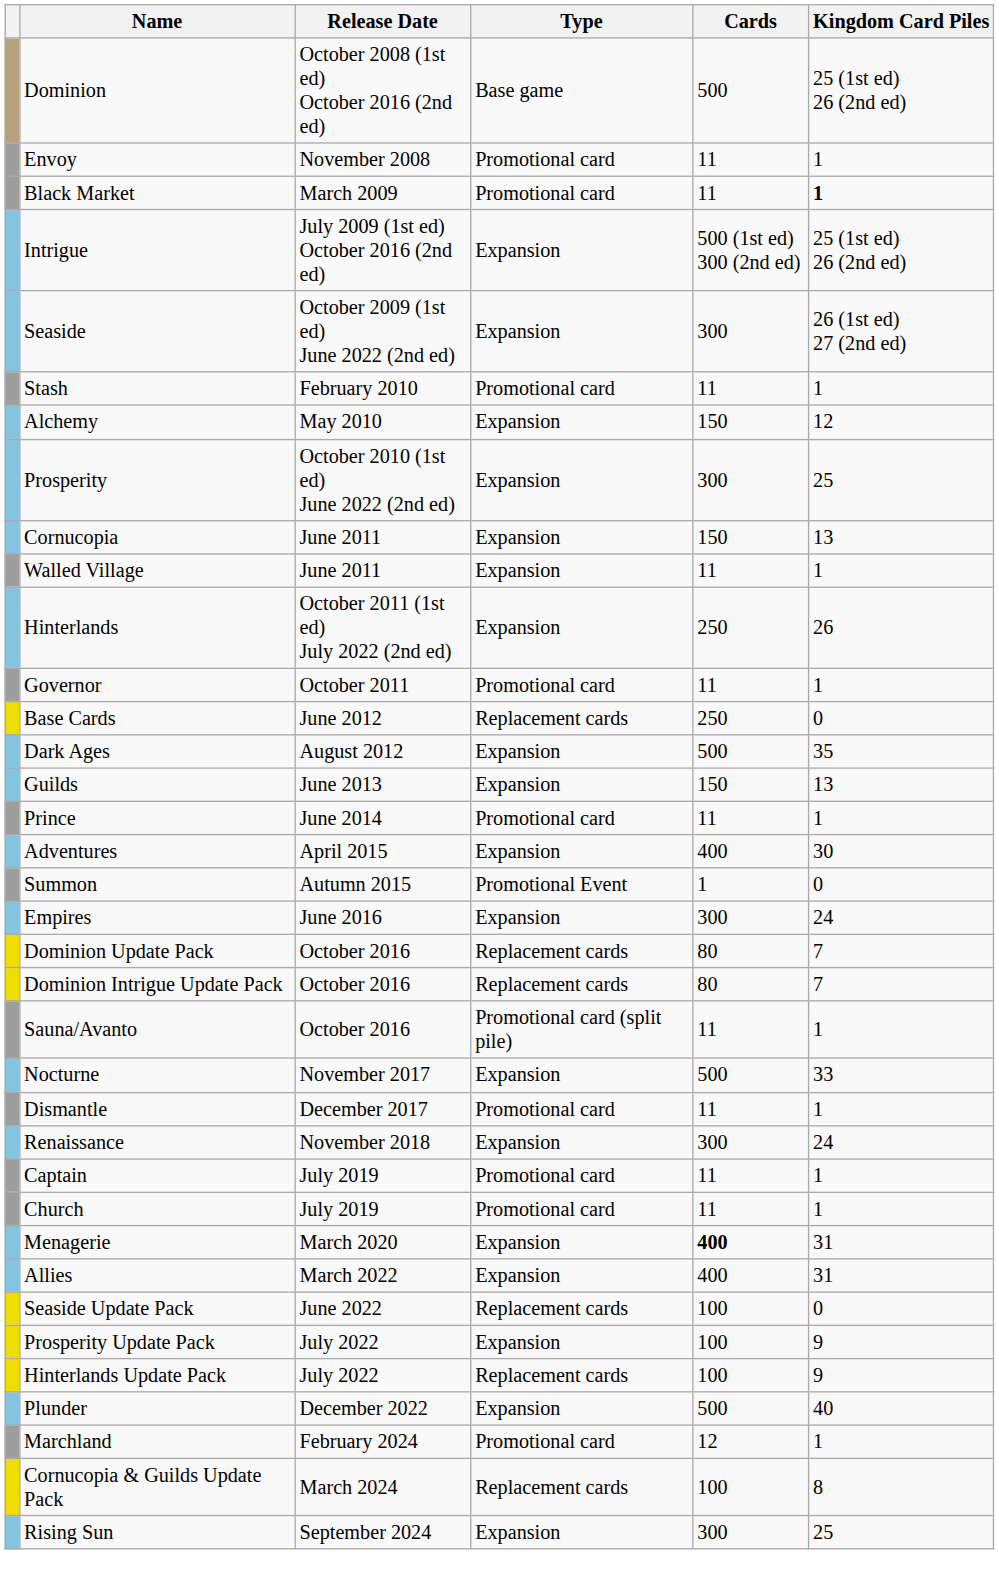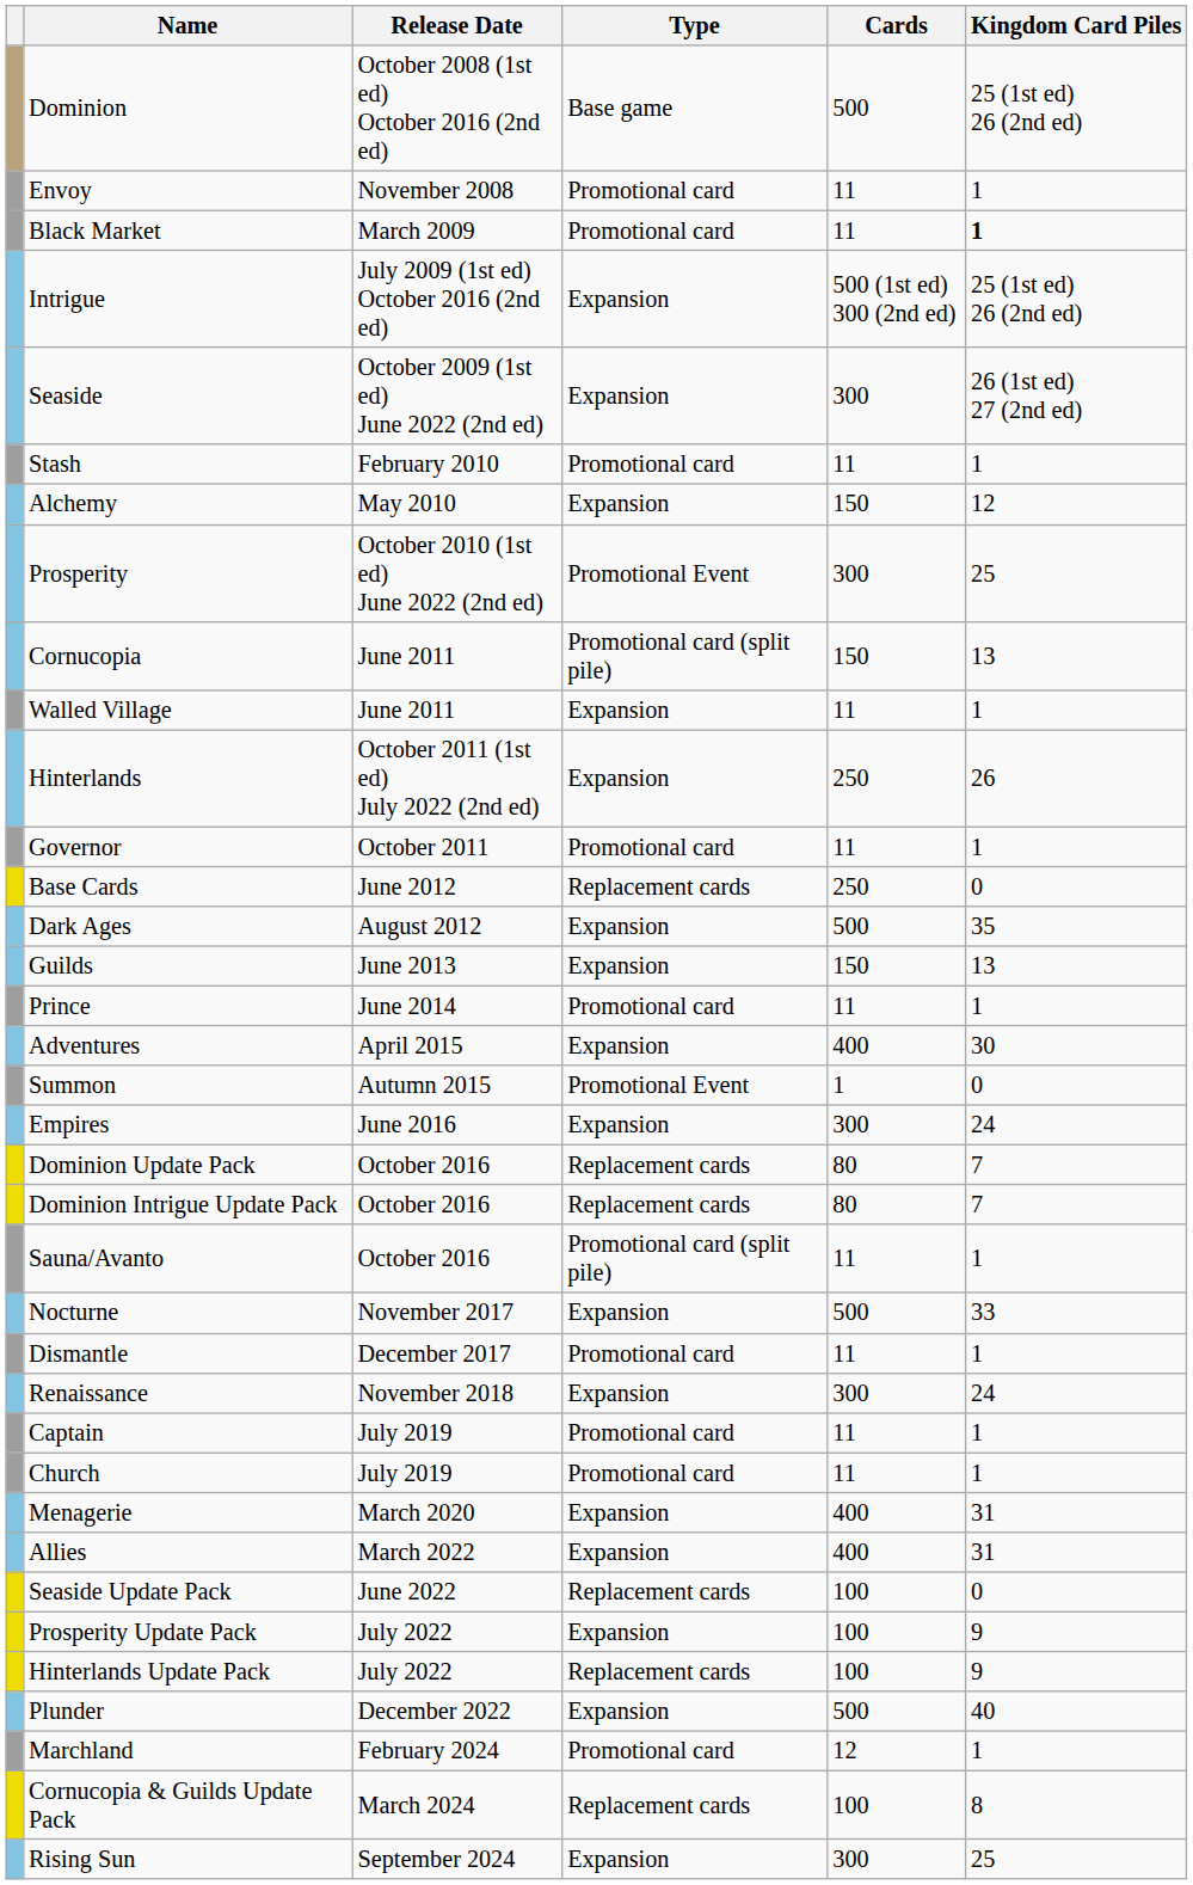 <table class="wikitable sortable" style="margin:0.5em auto; font-size:95%;">
 <tr>
 <th width="4px" class="unsortable"></th>
 <th width="200px">Name</th>
 <th width="125px">Re­lease Date</th>
 <th width="160px">Type</th>
 <th width="80px">Cards</th>
 <th>King­dom Card Piles</th>
 </tr>
 <tr>
 <td bgcolor=#B8A27D></td>
 <td>Dominion</td>
 <td>October 2008 (1st ed)<br>October 2016 (2nd ed)</td>
 <td>Base game</td>
 <td>500</td>
 <td>25 (1st ed)<br>26 (2nd ed)</td>
 </tr>
 <tr>
 <td bgcolor=#9E9E9E></td>
 <td>Envoy</td>
 <td>November 2008</td>
 <td>Promotional card</td>
 <td>11</td>
 <td>1</td>
 </tr>
 <tr>
 <td bgcolor=#9E9E9E></td>
 <td>Black Market</td>
 <td>March 2009</td>
 <td>Promotional card</td>
 <td>11</td>
 <td><strong>1</strong></td>
 </tr>
 <tr>
 <td bgcolor=#84C4E0></td>
 <td>Intrigue</td>
 <td>July 2009 (1st ed)<br>October 2016 (2nd ed)</td>
 <td>Expansion</td>
 <td>500 (1st ed)<br>300 (2nd ed)</td>
 <td>25 (1st ed)<br>26 (2nd ed)</td>
 </tr>
 <tr>
 <td bgcolor=#84C4E0></td>
 <td>Seaside</td>
 <td>October 2009 (1st ed)<br>June 2022 (2nd ed)</td>
 <td>Expansion</td>
 <td>300</td>
 <td>26 (1st ed)<br>27 (2nd ed)</td>
 </tr>
 <tr>
 <td bgcolor=#9E9E9E></td>
 <td>Stash</td>
 <td>February 2010</td>
 <td>Promotional card</td>
 <td>11</td>
 <td>1</td>
 </tr>
 <tr>
 <td bgcolor=#84C4E0></td>
 <td>Alchemy</td>
 <td>May 2010</td>
 <td>Expansion</td>
 <td>150</td>
 <td>12</td>
 </tr>
 <tr>
 <td bgcolor=#84C4E0></td>
 <td>Prosperity</td>
 <td>October 2010 (1st ed)<br>June 2022 (2nd ed)</td>
-<td>Expansion</td>
+<td>Promotional Event</td>
 <td>300</td>
 <td>25</td>
 </tr>
 <tr>
 <td bgcolor=#84C4E0></td>
 <td>Cornucopia</td>
 <td>June 2011</td>
-<td>Expansion</td>
+<td>Promotional card (split pile)</td>
 <td>150</td>
 <td>13</td>
 </tr>
 <tr>
 <td bgcolor=#9E9E9E></td>
 <td>Walled Village</td>
 <td>June 2011</td>
 <td>Expansion</td>
 <td>11</td>
 <td>1</td>
 </tr>
 <tr>
 <td bgcolor=#84C4E0></td>
 <td>Hinterlands</td>
 <td>October 2011 (1st ed)<br>July 2022 (2nd ed)</td>
 <td>Expansion</td>
 <td>250</td>
 <td>26</td>
 </tr>
 <tr>
 <td bgcolor=#9E9E9E></td>
 <td>Governor</td>
 <td>October 2011</td>
 <td>Promotional card</td>
 <td>11</td>
 <td>1</td>
 </tr>
 <tr>
 <td bgcolor=#EEDD00></td>
 <td>Base Cards</td>
 <td>June 2012</td>
 <td>Replacement cards</td>
 <td>250</td>
 <td>0</td>
 </tr>
 <tr>
 <td bgcolor=#84C4E0></td>
 <td>Dark Ages</td>
 <td>August 2012</td>
 <td>Expansion</td>
 <td>500</td>
 <td>35</td>
 </tr>
 <tr>
 <td bgcolor=#84C4E0></td>
 <td>Guilds</td>
 <td>June 2013</td>
 <td>Expansion</td>
 <td>150</td>
 <td>13</td>
 </tr>
 <tr>
 <td bgcolor=#9E9E9E></td>
 <td>Prince</td>
 <td>June 2014</td>
 <td>Promotional card</td>
 <td>11</td>
 <td>1</td>
 </tr>
 <tr>
 <td bgcolor=#84C4E0></td>
 <td>Adventures</td>
 <td>April 2015</td>
 <td>Expansion</td>
 <td>400</td>
 <td>30</td>
 </tr>
 <tr>
 <td bgcolor=#9E9E9E></td>
 <td>Summon</td>
 <td>Autumn 2015</td>
 <td>Promotional Event</td>
 <td>1</td>
 <td>0</td>
 </tr>
 <tr>
 <td bgcolor=#84C4E0></td>
 <td>Empires</td>
 <td>June 2016</td>
 <td>Expansion</td>
 <td>300</td>
 <td>24</td>
 </tr>
 <tr>
 <td bgcolor=#EEDD00></td>
 <td>Dominion Update Pack</td>
 <td>October 2016</td>
 <td>Replacement cards</td>
 <td>80</td>
 <td>7</td>
 </tr>
 <tr>
 <td bgcolor=#EEDD00></td>
 <td>Dominion Intrigue Update Pack</td>
 <td>October 2016</td>
 <td>Replacement cards</td>
 <td>80</td>
 <td>7</td>
 </tr>
 <tr>
 <td bgcolor=#9E9E9E></td>
 <td>Sauna/Avanto</td>
 <td>October 2016</td>
 <td>Promotional card (split pile)</td>
 <td>11</td>
 <td>1</td>
 </tr>
 <tr>
 <td bgcolor=#84C4E0></td>
 <td>Nocturne</td>
 <td>November 2017</td>
 <td>Expansion</td>
 <td>500</td>
 <td>33</td>
 </tr>
 <tr>
 <td bgcolor=#9E9E9E></td>
 <td>Dismantle</td>
 <td>December 2017</td>
 <td>Promotional card</td>
 <td>11</td>
 <td>1</td>
 </tr>
 <tr>
 <td bgcolor=#84C4E0></td>
 <td>Renaissance</td>
 <td>November 2018</td>
 <td>Expansion</td>
 <td>300</td>
 <td>24</td>
 </tr>
 <tr>
 <td bgcolor=#9E9E9E></td>
 <td>Captain</td>
 <td>July 2019</td>
 <td>Promotional card</td>
 <td>11</td>
 <td>1</td>
 </tr>
 <tr>
 <td bgcolor=#9E9E9E></td>
 <td>Church</td>
 <td>July 2019</td>
 <td>Promotional card</td>
 <td>11</td>
 <td>1</td>
 </tr>
 <tr>
 <td bgcolor=#84C4E0></td>
 <td>Menagerie</td>
 <td>March 2020</td>
 <td>Expansion</td>
-<td><strong>400</strong></td>
+<td>400</td>
 <td>31</td>
 </tr>
 <tr>
 <td bgcolor=#84C4E0></td>
 <td>Allies</td>
 <td>March 2022</td>
 <td>Expansion</td>
 <td>400</td>
 <td>31</td>
 </tr>
 <tr>
 <td bgcolor=#EEDD00></td>
 <td>Seaside Update Pack</td>
 <td>June 2022</td>
 <td>Replacement cards</td>
 <td>100</td>
 <td>0</td>
 </tr>
 <tr>
 <td bgcolor=#EEDD00></td>
 <td>Prosperity Update Pack</td>
 <td>July 2022</td>
 <td>Expansion</td>
 <td>100</td>
 <td>9</td>
 </tr>
 <tr>
 <td bgcolor=#EEDD00></td>
 <td>Hinterlands Update Pack</td>
 <td>July 2022</td>
 <td>Replacement cards</td>
 <td>100</td>
 <td>9</td>
 </tr>
 <tr>
 <td bgcolor=#84C4E0></td>
 <td>Plunder</td>
 <td>December 2022</td>
 <td>Expansion</td>
 <td>500</td>
 <td>40</td>
 </tr>
 <tr>
 <td bgcolor=#9E9E9E></td>
 <td>Marchland</td>
 <td>February 2024</td>
 <td>Promotional card</td>
 <td>12</td>
 <td>1</td>
 </tr>
 <tr>
 <td bgcolor=#EEDD00></td>
 <td>Cornucopia & Guilds Update Pack</td>
 <td>March 2024</td>
 <td>Replacement cards</td>
 <td>100</td>
 <td>8</td>
 </tr>
 <tr>
 <td bgcolor=#84C4E0></td>
 <td>Rising Sun</td>
 <td>September 2024</td>
 <td>Expansion</td>
 <td>300</td>
 <td>25</td>
 </tr>
 </table>
